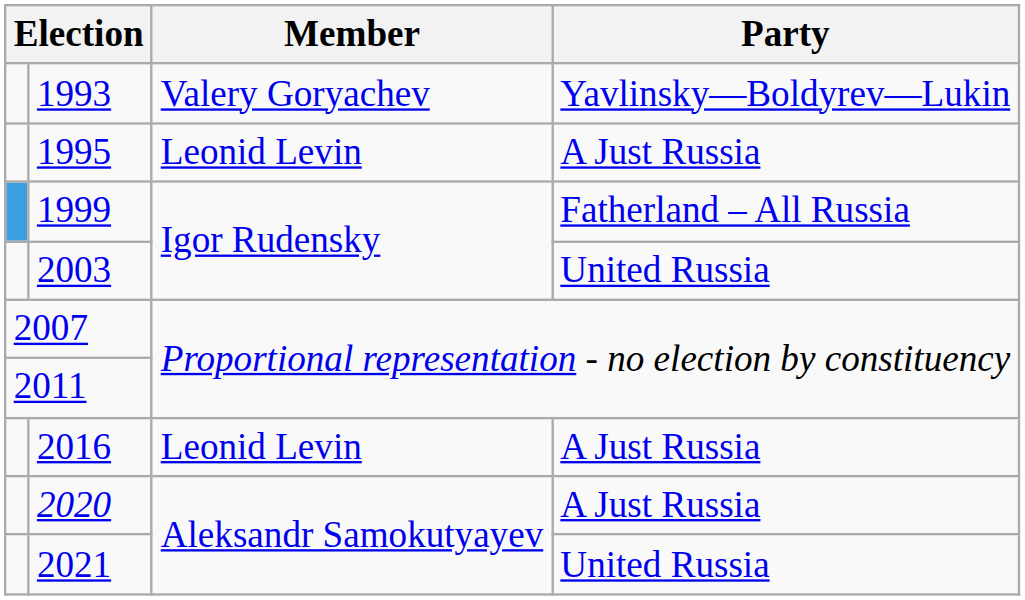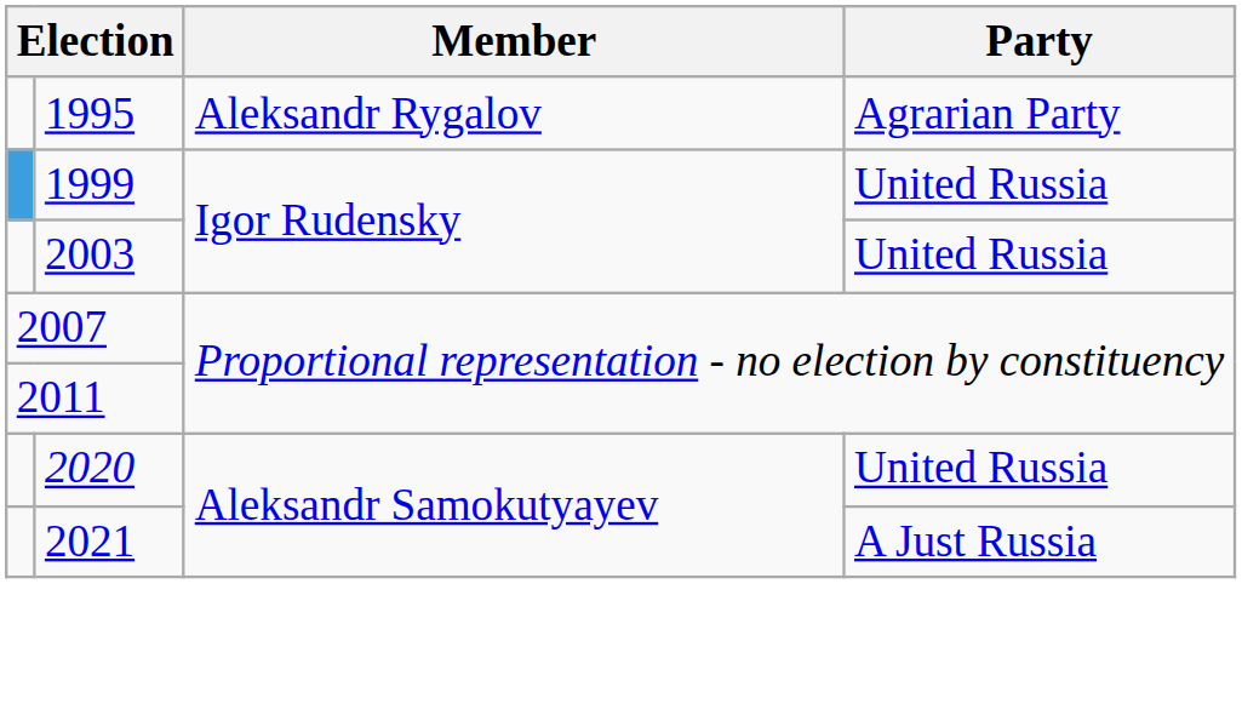 <table class="wikitable">
 <tr>
 <th colspan="2">Election</th>
 <th>Member</th>
 <th>Party</th>
 </tr>
 <tr>
 <td style="background-color:"></td>
-<td><a href='#'>1993</a></td>
-<td><a href='#'>Valery Goryachev</a></td>
-<td><a href='#'>Yavlinsky—Boldyrev—Lukin</a></td>
-</tr>
-<tr>
-<td style="background-color:"></td>
 <td><a href='#'>1995</a></td>
-<td><a href='#'>Leonid Levin</a></td>
-<td><a href='#'>A Just Russia</a></td>
+<td><a href='#'>Aleksandr Rygalov</a></td>
+<td><a href='#'>Agrarian Party</a></td>
 </tr>
 <tr>
 <td style="background-color:#3B9EDF"></td>
 <td><a href='#'>1999</a></td>
 <td rowspan=2><a href='#'>Igor Rudensky</a></td>
-<td><a href='#'>Fatherland – All Russia</a></td>
+<td><a href='#'>United Russia</a></td>
 </tr>
 <tr>
 <td style="background-color:"></td>
 <td><a href='#'>2003</a></td>
 <td><a href='#'>United Russia</a></td>
 </tr>
 <tr>
 <td colspan=2><a href='#'>2007</a></td>
 <td colspan=2 rowspan=2><em><a href='#'>Proportional representation</a> - no election by constituency</em></td>
 </tr>
 <tr>
 <td colspan=2><a href='#'>2011</a></td>
 </tr>
 <tr>
 <td style="background-color: "></td>
-<td><a href='#'>2016</a></td>
-<td><a href='#'>Leonid Levin</a></td>
-<td><a href='#'>A Just Russia</a></td>
-</tr>
-<tr>
-<td style="background-color: "></td>
 <td><em><a href='#'>2020</a></em></td>
 <td rowspan=2><a href='#'>Aleksandr Samokutyayev</a></td>
-<td><a href='#'>A Just Russia</a></td>
+<td><a href='#'>United Russia</a></td>
 </tr>
 <tr>
 <td style="background-color: "></td>
 <td><a href='#'>2021</a></td>
-<td><a href='#'>United Russia</a></td>
+<td><a href='#'>A Just Russia</a></td>
 </tr>
 </table>
